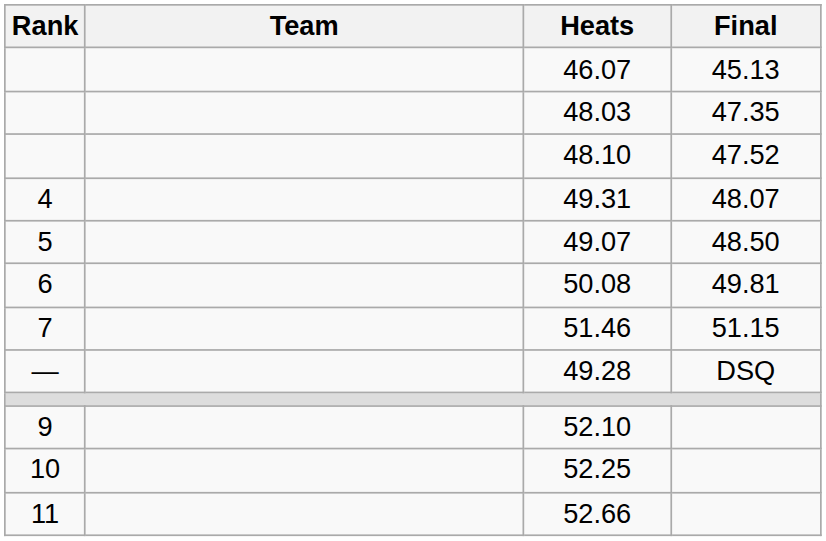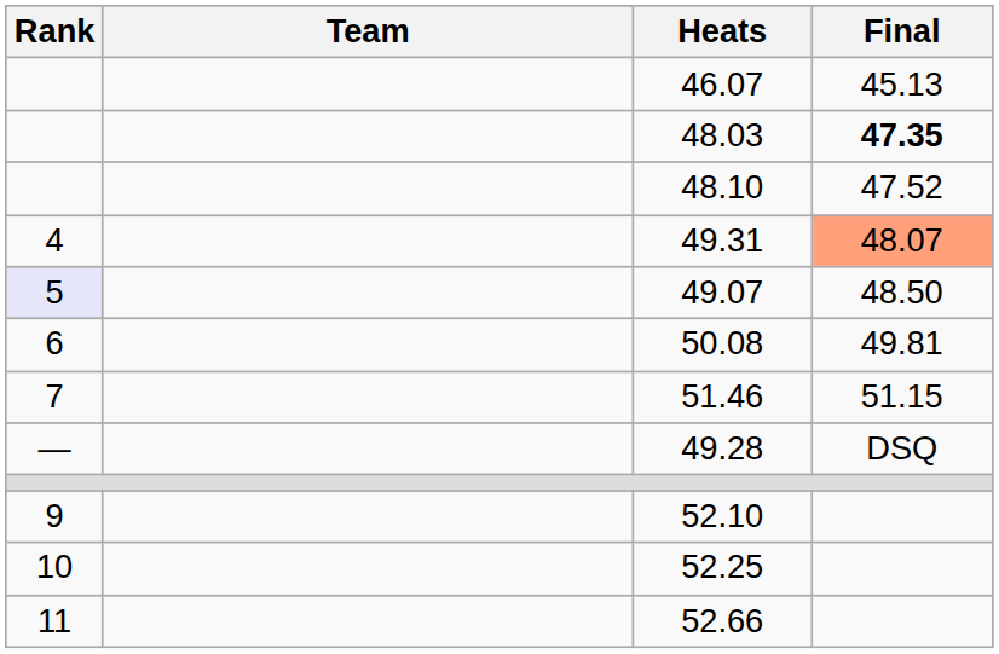 <table class=wikitable style="text-align:center">
 <tr>
 <th width=40>Rank</th>
 <th width=250>Team</th>
 <th width=80>Heats</th>
 <th width=80>Final</th>
 </tr>
 <tr>
 <td></td>
 <td align=left></td>
 <td>46.07</td>
 <td>45.13</td>
 </tr>
 <tr>
 <td></td>
 <td align=left></td>
 <td>48.03</td>
-<td>47.35</td>
+<td><strong>47.35</strong></td>
 </tr>
 <tr>
 <td></td>
 <td align=left></td>
 <td>48.10</td>
 <td>47.52</td>
 </tr>
 <tr>
 <td>4</td>
 <td align=left></td>
 <td>49.31</td>
-<td>48.07</td>
+<td style="background: lightsalmon;">48.07</td>
 </tr>
 <tr>
-<td>5</td>
+<td style="background: lavender;">5</td>
 <td align=left></td>
 <td>49.07</td>
 <td>48.50</td>
 </tr>
 <tr>
 <td>6</td>
 <td align=left></td>
 <td>50.08</td>
 <td>49.81</td>
 </tr>
 <tr>
 <td>7</td>
 <td align=left></td>
 <td>51.46</td>
 <td>51.15</td>
 </tr>
 <tr>
 <td>—</td>
 <td align=left></td>
 <td>49.28</td>
 <td>DSQ</td>
 </tr>
 <tr bgcolor=#DDDDDD>
 <td colspan=4></td>
 </tr>
 <tr>
 <td>9</td>
 <td align=left></td>
 <td>52.10</td>
 <td></td>
 </tr>
 <tr>
 <td>10</td>
 <td align=left></td>
 <td>52.25</td>
 <td></td>
 </tr>
 <tr>
 <td>11</td>
 <td align=left></td>
 <td>52.66</td>
 <td></td>
 </tr>
 </table>
